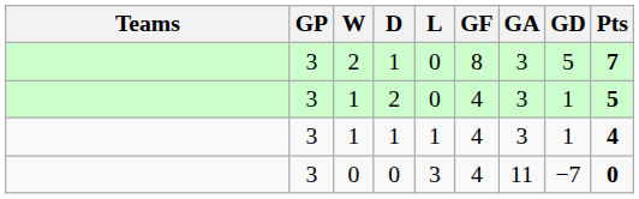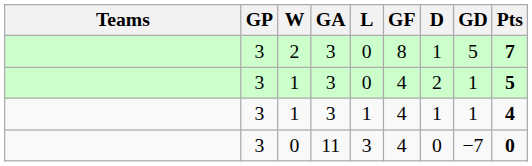 <table class="wikitable">
 <tr align=center bgcolor=#efefef>
 <th width=185>Teams</th>
 <th width=20>GP</th>
 <th width=20>W</th>
-<th width=20>D</th>
+<th width=20>GA</th>
 <th width=20>L</th>
 <th width=20>GF</th>
-<th width=20>GA</th>
+<th width=20>D</th>
 <th width=20>GD</th>
 <th width=20>Pts</th>
 </tr>
 <tr align=center style="background:#ccffcc;">
 <td style="text-align:left;"></td>
 <td>3</td>
 <td>2</td>
-<td>1</td>
+<td>3</td>
 <td>0</td>
 <td>8</td>
-<td>3</td>
+<td>1</td>
 <td>5</td>
 <td><strong>7</strong></td>
 </tr>
 <tr align=center style="background:#ccffcc;">
 <td style="text-align:left;"></td>
 <td>3</td>
 <td>1</td>
-<td>2</td>
+<td>3</td>
 <td>0</td>
 <td>4</td>
-<td>3</td>
+<td>2</td>
 <td>1</td>
 <td><strong>5</strong></td>
 </tr>
 <tr align=center>
 <td style="text-align:left;"></td>
 <td>3</td>
 <td>1</td>
-<td>1</td>
+<td>3</td>
 <td>1</td>
 <td>4</td>
-<td>3</td>
+<td>1</td>
 <td>1</td>
 <td><strong>4</strong></td>
 </tr>
 <tr align=center>
 <td style="text-align:left;"></td>
 <td>3</td>
 <td>0</td>
-<td>0</td>
+<td>11</td>
 <td>3</td>
 <td>4</td>
-<td>11</td>
+<td>0</td>
 <td>−7</td>
 <td><strong>0</strong></td>
 </tr>
 </table>
